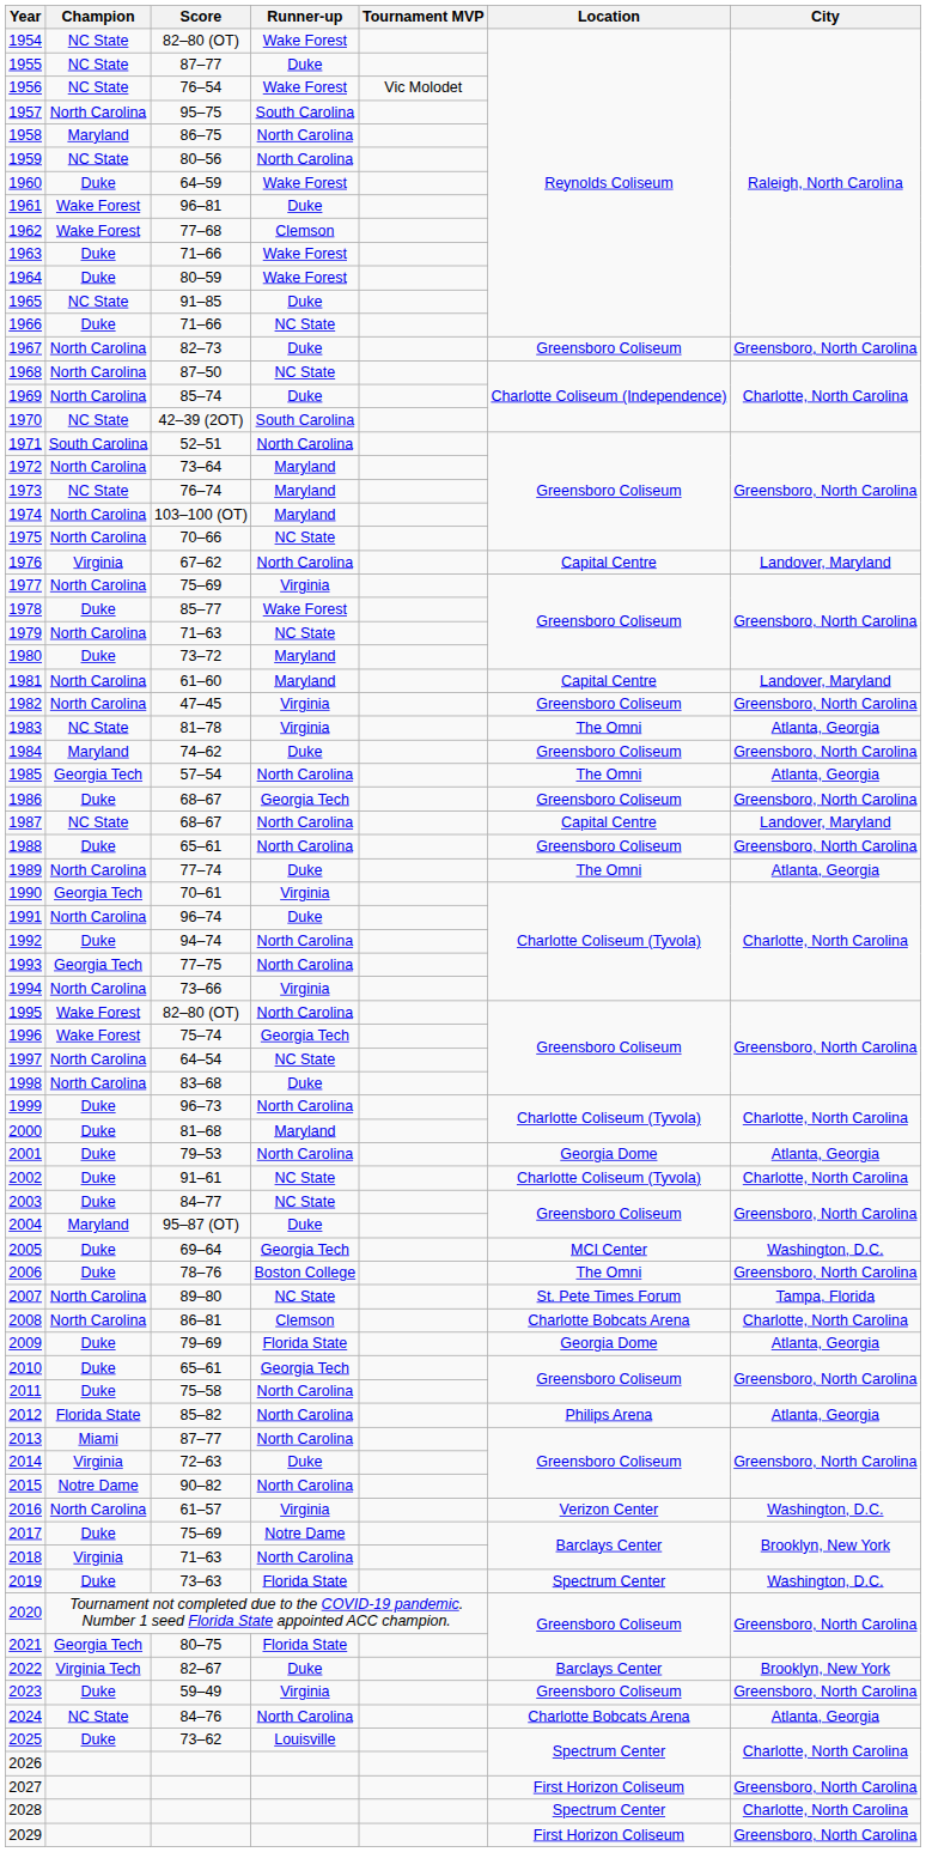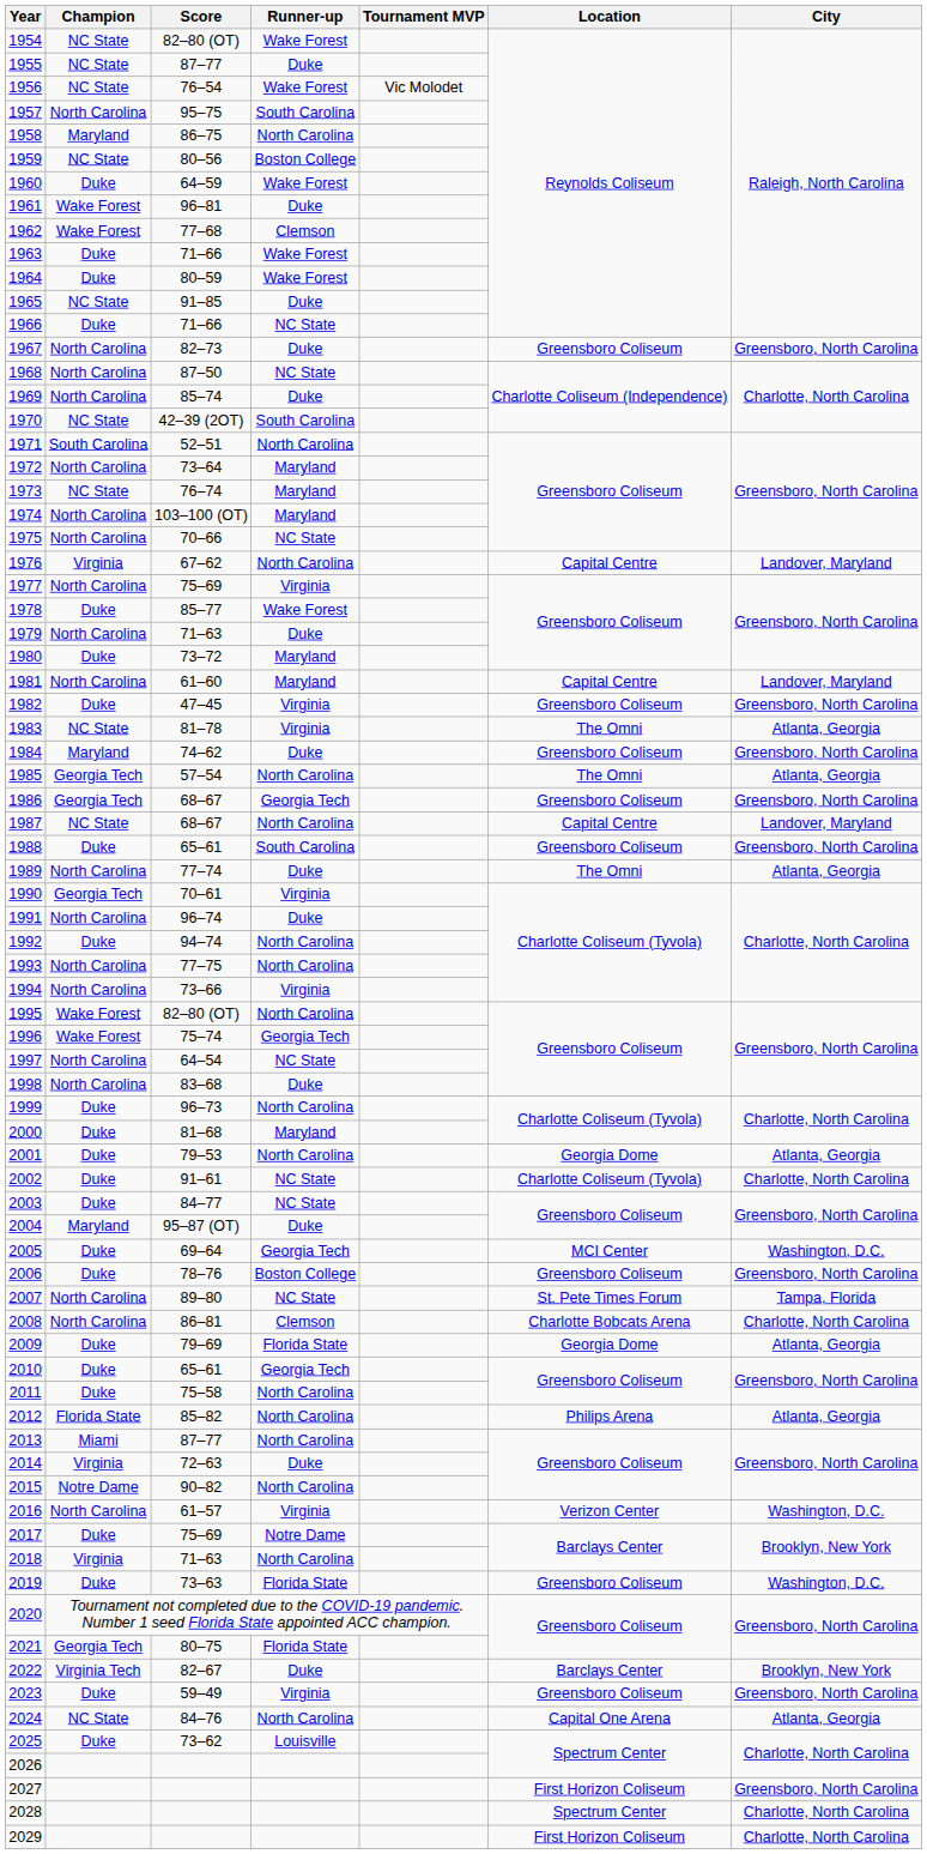 <table class="wikitable sortable" style="text-align:center">
 <tr>
 <th width=px>Year</th>
 <th width=px>Champion</th>
 <th width=px>Score</th>
 <th width=px>Runner-up</th>
 <th width=px>Tournament MVP</th>
 <th width=px>Location</th>
 <th width=px>City</th>
 </tr>
 <tr>
 <td><a href='#'>1954</a></td>
 <td><a href='#'>NC State</a></td>
 <td>82–80 (OT)</td>
 <td><a href='#'>Wake Forest</a></td>
 <td></td>
 <td rowspan=13><a href='#'>Reynolds Coliseum</a></td>
 <td rowspan=13><a href='#'>Raleigh, North Carolina</a></td>
 </tr>
 <tr>
 <td><a href='#'>1955</a></td>
 <td><a href='#'>NC State</a></td>
 <td>87–77</td>
 <td><a href='#'>Duke</a></td>
 <td></td>
 </tr>
 <tr>
 <td><a href='#'>1956</a></td>
 <td><a href='#'>NC State</a></td>
 <td>76–54</td>
 <td><a href='#'>Wake Forest</a></td>
 <td>Vic Molodet</td>
 </tr>
 <tr>
 <td><a href='#'>1957</a></td>
 <td><a href='#'>North Carolina</a></td>
 <td>95–75</td>
 <td><a href='#'>South Carolina</a></td>
 <td></td>
 </tr>
 <tr>
 <td><a href='#'>1958</a></td>
 <td><a href='#'>Maryland</a></td>
 <td>86–75</td>
 <td><a href='#'>North Carolina</a></td>
 <td></td>
 </tr>
 <tr>
 <td><a href='#'>1959</a></td>
 <td><a href='#'>NC State</a></td>
 <td>80–56</td>
-<td><a href='#'>North Carolina</a></td>
+<td><a href='#'>Boston College</a></td>
 <td></td>
 </tr>
 <tr>
 <td><a href='#'>1960</a></td>
 <td><a href='#'>Duke</a></td>
 <td>64–59</td>
 <td><a href='#'>Wake Forest</a></td>
 <td></td>
 </tr>
 <tr>
 <td><a href='#'>1961</a></td>
 <td><a href='#'>Wake Forest</a></td>
 <td>96–81</td>
 <td><a href='#'>Duke</a></td>
 <td></td>
 </tr>
 <tr>
 <td><a href='#'>1962</a></td>
 <td><a href='#'>Wake Forest</a></td>
 <td>77–68</td>
 <td><a href='#'>Clemson</a></td>
 <td></td>
 </tr>
 <tr>
 <td><a href='#'>1963</a></td>
 <td><a href='#'>Duke</a></td>
 <td>71–66</td>
 <td><a href='#'>Wake Forest</a></td>
 <td></td>
 </tr>
 <tr>
 <td><a href='#'>1964</a></td>
 <td><a href='#'>Duke</a></td>
 <td>80–59</td>
 <td><a href='#'>Wake Forest</a></td>
 <td></td>
 </tr>
 <tr>
 <td><a href='#'>1965</a></td>
 <td><a href='#'>NC State</a></td>
 <td>91–85</td>
 <td><a href='#'>Duke</a></td>
 <td></td>
 </tr>
 <tr>
 <td><a href='#'>1966</a></td>
 <td><a href='#'>Duke</a></td>
 <td>71–66</td>
 <td><a href='#'>NC State</a></td>
 <td></td>
 </tr>
 <tr>
 <td><a href='#'>1967</a></td>
 <td><a href='#'>North Carolina</a></td>
 <td>82–73</td>
 <td><a href='#'>Duke</a></td>
 <td></td>
 <td><a href='#'>Greensboro Coliseum</a></td>
 <td><a href='#'>Greensboro, North Carolina</a></td>
 </tr>
 <tr>
 <td><a href='#'>1968</a></td>
 <td><a href='#'>North Carolina</a></td>
 <td>87–50</td>
 <td><a href='#'>NC State</a></td>
 <td></td>
 <td rowspan=3><a href='#'>Charlotte Coliseum (Independence)</a></td>
 <td rowspan=3><a href='#'>Charlotte, North Carolina</a></td>
 </tr>
 <tr>
 <td><a href='#'>1969</a></td>
 <td><a href='#'>North Carolina</a></td>
 <td>85–74</td>
 <td><a href='#'>Duke</a></td>
 <td></td>
 </tr>
 <tr>
 <td><a href='#'>1970</a></td>
 <td><a href='#'>NC State</a></td>
 <td>42–39 (2OT)</td>
 <td><a href='#'>South Carolina</a></td>
 <td></td>
 </tr>
 <tr>
 <td><a href='#'>1971</a></td>
 <td><a href='#'>South Carolina</a></td>
 <td>52–51</td>
 <td><a href='#'>North Carolina</a></td>
 <td></td>
 <td rowspan=5><a href='#'>Greensboro Coliseum</a></td>
 <td rowspan=5><a href='#'>Greensboro, North Carolina</a></td>
 </tr>
 <tr>
 <td><a href='#'>1972</a></td>
 <td><a href='#'>North Carolina</a></td>
 <td>73–64</td>
 <td><a href='#'>Maryland</a></td>
 <td></td>
 </tr>
 <tr>
 <td><a href='#'>1973</a></td>
 <td><a href='#'>NC State</a></td>
 <td>76–74</td>
 <td><a href='#'>Maryland</a></td>
 <td></td>
 </tr>
 <tr>
 <td><a href='#'>1974</a></td>
 <td><a href='#'>North Carolina</a></td>
 <td>103–100 (OT)</td>
 <td><a href='#'>Maryland</a></td>
 <td></td>
 </tr>
 <tr>
 <td><a href='#'>1975</a></td>
 <td><a href='#'>North Carolina</a></td>
 <td>70–66</td>
 <td><a href='#'>NC State</a></td>
 <td></td>
 </tr>
 <tr>
 <td><a href='#'>1976</a></td>
 <td><a href='#'>Virginia</a></td>
 <td>67–62</td>
 <td><a href='#'>North Carolina</a></td>
 <td></td>
 <td><a href='#'>Capital Centre</a></td>
 <td><a href='#'>Landover, Maryland</a></td>
 </tr>
 <tr>
 <td><a href='#'>1977</a></td>
 <td><a href='#'>North Carolina</a></td>
 <td>75–69</td>
 <td><a href='#'>Virginia</a></td>
 <td></td>
 <td rowspan=4><a href='#'>Greensboro Coliseum</a></td>
 <td rowspan=4><a href='#'>Greensboro, North Carolina</a></td>
 </tr>
 <tr>
 <td><a href='#'>1978</a></td>
 <td><a href='#'>Duke</a></td>
 <td>85–77</td>
 <td><a href='#'>Wake Forest</a></td>
 <td></td>
 </tr>
 <tr>
 <td><a href='#'>1979</a></td>
 <td><a href='#'>North Carolina</a></td>
 <td>71–63</td>
-<td><a href='#'>NC State</a></td>
+<td><a href='#'>Duke</a></td>
 <td></td>
 </tr>
 <tr>
 <td><a href='#'>1980</a></td>
 <td><a href='#'>Duke</a></td>
 <td>73–72</td>
 <td><a href='#'>Maryland</a></td>
 <td></td>
 </tr>
 <tr>
 <td><a href='#'>1981</a></td>
 <td><a href='#'>North Carolina</a></td>
 <td>61–60</td>
 <td><a href='#'>Maryland</a></td>
 <td></td>
 <td><a href='#'>Capital Centre</a></td>
 <td><a href='#'>Landover, Maryland</a></td>
 </tr>
 <tr>
 <td><a href='#'>1982</a></td>
-<td><a href='#'>North Carolina</a></td>
+<td><a href='#'>Duke</a></td>
 <td>47–45</td>
 <td><a href='#'>Virginia</a></td>
 <td></td>
 <td><a href='#'>Greensboro Coliseum</a></td>
 <td><a href='#'>Greensboro, North Carolina</a></td>
 </tr>
 <tr>
 <td><a href='#'>1983</a></td>
 <td><a href='#'>NC State</a></td>
 <td>81–78</td>
 <td><a href='#'>Virginia</a></td>
 <td></td>
 <td><a href='#'>The Omni</a></td>
 <td><a href='#'>Atlanta, Georgia</a></td>
 </tr>
 <tr>
 <td><a href='#'>1984</a></td>
 <td><a href='#'>Maryland</a></td>
 <td>74–62</td>
 <td><a href='#'>Duke</a></td>
 <td></td>
 <td><a href='#'>Greensboro Coliseum</a></td>
 <td><a href='#'>Greensboro, North Carolina</a></td>
 </tr>
 <tr>
 <td><a href='#'>1985</a></td>
 <td><a href='#'>Georgia Tech</a></td>
 <td>57–54</td>
 <td><a href='#'>North Carolina</a></td>
 <td></td>
 <td><a href='#'>The Omni</a></td>
 <td><a href='#'>Atlanta, Georgia</a></td>
 </tr>
 <tr>
 <td><a href='#'>1986</a></td>
-<td><a href='#'>Duke</a></td>
+<td><a href='#'>Georgia Tech</a></td>
 <td>68–67</td>
 <td><a href='#'>Georgia Tech</a></td>
 <td></td>
 <td><a href='#'>Greensboro Coliseum</a></td>
 <td><a href='#'>Greensboro, North Carolina</a></td>
 </tr>
 <tr>
 <td><a href='#'>1987</a></td>
 <td><a href='#'>NC State</a></td>
 <td>68–67</td>
 <td><a href='#'>North Carolina</a></td>
 <td></td>
 <td><a href='#'>Capital Centre</a></td>
 <td><a href='#'>Landover, Maryland</a></td>
 </tr>
 <tr>
 <td><a href='#'>1988</a></td>
 <td><a href='#'>Duke</a></td>
 <td>65–61</td>
-<td><a href='#'>North Carolina</a></td>
+<td><a href='#'>South Carolina</a></td>
 <td></td>
 <td><a href='#'>Greensboro Coliseum</a></td>
 <td><a href='#'>Greensboro, North Carolina</a></td>
 </tr>
 <tr>
 <td><a href='#'>1989</a></td>
 <td><a href='#'>North Carolina</a></td>
 <td>77–74</td>
 <td><a href='#'>Duke</a></td>
 <td></td>
 <td><a href='#'>The Omni</a></td>
 <td><a href='#'>Atlanta, Georgia</a></td>
 </tr>
 <tr>
 <td><a href='#'>1990</a></td>
 <td><a href='#'>Georgia Tech</a></td>
 <td>70–61</td>
 <td><a href='#'>Virginia</a></td>
 <td></td>
 <td rowspan=5><a href='#'>Charlotte Coliseum (Tyvola)</a></td>
 <td rowspan=5><a href='#'>Charlotte, North Carolina</a></td>
 </tr>
 <tr>
 <td><a href='#'>1991</a></td>
 <td><a href='#'>North Carolina</a></td>
 <td>96–74</td>
 <td><a href='#'>Duke</a></td>
 <td></td>
 </tr>
 <tr>
 <td><a href='#'>1992</a></td>
 <td><a href='#'>Duke</a></td>
 <td>94–74</td>
 <td><a href='#'>North Carolina</a></td>
 <td></td>
 </tr>
 <tr>
 <td><a href='#'>1993</a></td>
-<td><a href='#'>Georgia Tech</a></td>
+<td><a href='#'>North Carolina</a></td>
 <td>77–75</td>
 <td><a href='#'>North Carolina</a></td>
 <td></td>
 </tr>
 <tr>
 <td><a href='#'>1994</a></td>
 <td><a href='#'>North Carolina</a></td>
 <td>73–66</td>
 <td><a href='#'>Virginia</a></td>
 <td></td>
 </tr>
 <tr>
 <td><a href='#'>1995</a></td>
 <td><a href='#'>Wake Forest</a></td>
 <td>82–80 (OT)</td>
 <td><a href='#'>North Carolina</a></td>
 <td></td>
 <td rowspan=4><a href='#'>Greensboro Coliseum</a></td>
 <td rowspan=4><a href='#'>Greensboro, North Carolina</a></td>
 </tr>
 <tr>
 <td><a href='#'>1996</a></td>
 <td><a href='#'>Wake Forest</a></td>
 <td>75–74</td>
 <td><a href='#'>Georgia Tech</a></td>
 <td></td>
 </tr>
 <tr>
 <td><a href='#'>1997</a></td>
 <td><a href='#'>North Carolina</a></td>
 <td>64–54</td>
 <td><a href='#'>NC State</a></td>
 <td></td>
 </tr>
 <tr>
 <td><a href='#'>1998</a></td>
 <td><a href='#'>North Carolina</a></td>
 <td>83–68</td>
 <td><a href='#'>Duke</a></td>
 <td></td>
 </tr>
 <tr>
 <td><a href='#'>1999</a></td>
 <td><a href='#'>Duke</a></td>
 <td>96–73</td>
 <td><a href='#'>North Carolina</a></td>
 <td></td>
 <td rowspan=2><a href='#'>Charlotte Coliseum (Tyvola)</a></td>
 <td rowspan=2><a href='#'>Charlotte, North Carolina</a></td>
 </tr>
 <tr>
 <td><a href='#'>2000</a></td>
 <td><a href='#'>Duke</a></td>
 <td>81–68</td>
 <td><a href='#'>Maryland</a></td>
 <td></td>
 </tr>
 <tr>
 <td><a href='#'>2001</a></td>
 <td><a href='#'>Duke</a></td>
 <td>79–53</td>
 <td><a href='#'>North Carolina</a></td>
 <td></td>
 <td><a href='#'>Georgia Dome</a></td>
 <td><a href='#'>Atlanta, Georgia</a></td>
 </tr>
 <tr>
 <td><a href='#'>2002</a></td>
 <td><a href='#'>Duke</a></td>
 <td>91–61</td>
 <td><a href='#'>NC State</a></td>
 <td></td>
 <td><a href='#'>Charlotte Coliseum (Tyvola)</a></td>
 <td><a href='#'>Charlotte, North Carolina</a></td>
 </tr>
 <tr>
 <td><a href='#'>2003</a></td>
 <td><a href='#'>Duke</a></td>
 <td>84–77</td>
 <td><a href='#'>NC State</a></td>
 <td></td>
 <td rowspan=2><a href='#'>Greensboro Coliseum</a></td>
 <td rowspan=2><a href='#'>Greensboro, North Carolina</a></td>
 </tr>
 <tr>
 <td><a href='#'>2004</a></td>
 <td><a href='#'>Maryland</a></td>
 <td>95–87 (OT)</td>
 <td><a href='#'>Duke</a></td>
 <td></td>
 </tr>
 <tr>
 <td><a href='#'>2005</a></td>
 <td><a href='#'>Duke</a></td>
 <td>69–64</td>
 <td><a href='#'>Georgia Tech</a></td>
 <td></td>
 <td><a href='#'>MCI Center</a></td>
 <td><a href='#'>Washington, D.C.</a></td>
 </tr>
 <tr>
 <td><a href='#'>2006</a></td>
 <td><a href='#'>Duke</a></td>
 <td>78–76</td>
 <td><a href='#'>Boston College</a></td>
 <td></td>
-<td><a href='#'>The Omni</a></td>
+<td><a href='#'>Greensboro Coliseum</a></td>
 <td><a href='#'>Greensboro, North Carolina</a></td>
 </tr>
 <tr>
 <td><a href='#'>2007</a></td>
 <td><a href='#'>North Carolina</a></td>
 <td>89–80</td>
 <td><a href='#'>NC State</a></td>
 <td></td>
 <td><a href='#'>St. Pete Times Forum</a></td>
 <td><a href='#'>Tampa, Florida</a></td>
 </tr>
 <tr>
 <td><a href='#'>2008</a></td>
 <td><a href='#'>North Carolina</a></td>
 <td>86–81</td>
 <td><a href='#'>Clemson</a></td>
 <td></td>
 <td><a href='#'>Charlotte Bobcats Arena</a></td>
 <td><a href='#'>Charlotte, North Carolina</a></td>
 </tr>
 <tr>
 <td><a href='#'>2009</a></td>
 <td><a href='#'>Duke</a></td>
 <td>79–69</td>
 <td><a href='#'>Florida State</a></td>
 <td></td>
 <td><a href='#'>Georgia Dome</a></td>
 <td><a href='#'>Atlanta, Georgia</a></td>
 </tr>
 <tr>
 <td><a href='#'>2010</a></td>
 <td><a href='#'>Duke</a></td>
 <td>65–61</td>
 <td><a href='#'>Georgia Tech</a></td>
 <td></td>
 <td rowspan=2><a href='#'>Greensboro Coliseum</a></td>
 <td rowspan=2><a href='#'>Greensboro, North Carolina</a></td>
 </tr>
 <tr>
 <td><a href='#'>2011</a></td>
 <td><a href='#'>Duke</a></td>
 <td>75–58</td>
 <td><a href='#'>North Carolina</a></td>
 <td></td>
 </tr>
 <tr>
 <td><a href='#'>2012</a></td>
 <td><a href='#'>Florida State</a></td>
 <td>85–82</td>
 <td><a href='#'>North Carolina</a></td>
 <td></td>
 <td><a href='#'>Philips Arena</a></td>
 <td><a href='#'>Atlanta, Georgia</a></td>
 </tr>
 <tr>
 <td><a href='#'>2013</a></td>
 <td><a href='#'>Miami</a></td>
 <td>87–77</td>
 <td><a href='#'>North Carolina</a></td>
 <td></td>
 <td rowspan=3><a href='#'>Greensboro Coliseum</a></td>
 <td rowspan=3><a href='#'>Greensboro, North Carolina</a></td>
 </tr>
 <tr>
 <td><a href='#'>2014</a></td>
 <td><a href='#'>Virginia</a></td>
 <td>72–63</td>
 <td><a href='#'>Duke</a></td>
 <td></td>
 </tr>
 <tr>
 <td><a href='#'>2015</a></td>
 <td><a href='#'>Notre Dame</a></td>
 <td>90–82</td>
 <td><a href='#'>North Carolina</a></td>
 <td></td>
 </tr>
 <tr>
 <td><a href='#'>2016</a></td>
 <td><a href='#'>North Carolina</a></td>
 <td>61–57</td>
 <td><a href='#'>Virginia</a></td>
 <td></td>
 <td><a href='#'>Verizon Center</a></td>
 <td><a href='#'>Washington, D.C.</a></td>
 </tr>
 <tr>
 <td><a href='#'>2017</a></td>
 <td><a href='#'>Duke</a></td>
 <td>75–69</td>
 <td><a href='#'>Notre Dame</a></td>
 <td></td>
 <td rowspan=2><a href='#'>Barclays Center</a></td>
 <td rowspan=2><a href='#'>Brooklyn, New York</a></td>
 </tr>
 <tr>
 <td><a href='#'>2018</a></td>
 <td><a href='#'>Virginia</a></td>
 <td>71–63</td>
 <td><a href='#'>North Carolina</a></td>
 <td></td>
 </tr>
 <tr>
 <td><a href='#'>2019</a></td>
 <td><a href='#'>Duke</a></td>
 <td>73–63</td>
 <td><a href='#'>Florida State</a></td>
 <td></td>
-<td><a href='#'>Spectrum Center</a></td>
+<td><a href='#'>Greensboro Coliseum</a></td>
 <td><a href='#'>Washington, D.C.</a></td>
 </tr>
 <tr>
 <td><a href='#'>2020</a></td>
 <td colspan=4 align=center><em>Tournament not completed due to the <a href='#'>COVID-19 pandemic</a>.<br>Number 1 seed <a href='#'>Florida State</a> appointed ACC champion.</em></td>
 <td rowspan=2><a href='#'>Greensboro Coliseum</a></td>
 <td rowspan=2><a href='#'>Greensboro, North Carolina</a></td>
 </tr>
 <tr>
 <td><a href='#'>2021</a></td>
 <td><a href='#'>Georgia Tech</a></td>
 <td>80–75</td>
 <td><a href='#'>Florida State</a></td>
 <td></td>
 </tr>
 <tr>
 <td><a href='#'>2022</a></td>
 <td><a href='#'>Virginia Tech</a></td>
 <td>82–67</td>
 <td><a href='#'>Duke</a></td>
 <td></td>
 <td><a href='#'>Barclays Center</a></td>
 <td><a href='#'>Brooklyn, New York</a></td>
 </tr>
 <tr>
 <td><a href='#'>2023</a></td>
 <td><a href='#'>Duke</a></td>
 <td>59–49</td>
 <td><a href='#'>Virginia</a></td>
 <td></td>
 <td><a href='#'>Greensboro Coliseum</a></td>
 <td><a href='#'>Greensboro, North Carolina</a></td>
 </tr>
 <tr>
 <td><a href='#'>2024</a></td>
 <td><a href='#'>NC State</a></td>
 <td>84–76</td>
 <td><a href='#'>North Carolina</a></td>
 <td></td>
-<td><a href='#'>Charlotte Bobcats Arena</a></td>
+<td><a href='#'>Capital One Arena</a></td>
 <td><a href='#'>Atlanta, Georgia</a></td>
 </tr>
 <tr>
 <td><a href='#'>2025</a></td>
 <td><a href='#'>Duke</a></td>
 <td>73–62</td>
 <td><a href='#'>Louisville</a></td>
 <td></td>
 <td rowspan="2"><a href='#'>Spectrum Center</a></td>
 <td rowspan="2"><a href='#'>Charlotte, North Carolina</a></td>
 </tr>
 <tr>
 <td>2026</td>
 <td></td>
 <td></td>
 <td></td>
 <td></td>
 </tr>
 <tr>
 <td>2027</td>
 <td></td>
 <td></td>
 <td></td>
 <td></td>
 <td><a href='#'>First Horizon Coliseum</a></td>
 <td><a href='#'>Greensboro, North Carolina</a></td>
 </tr>
 <tr>
 <td>2028</td>
 <td></td>
 <td></td>
 <td></td>
 <td></td>
 <td><a href='#'>Spectrum Center</a></td>
 <td><a href='#'>Charlotte, North Carolina</a></td>
 </tr>
 <tr>
 <td>2029</td>
 <td></td>
 <td></td>
 <td></td>
 <td></td>
 <td><a href='#'>First Horizon Coliseum</a></td>
-<td><a href='#'>Greensboro, North Carolina</a></td>
+<td><a href='#'>Charlotte, North Carolina</a></td>
 </tr>
 </table>
